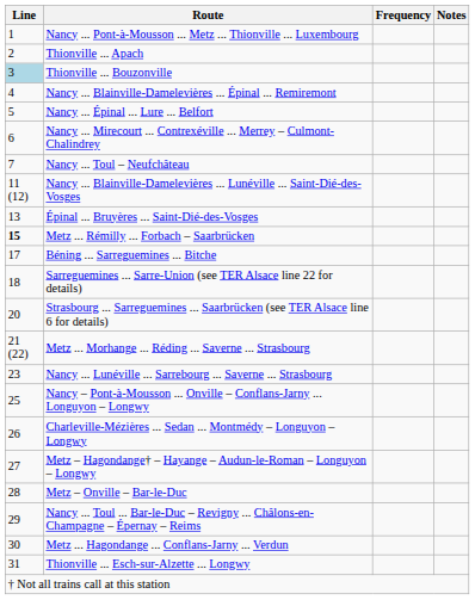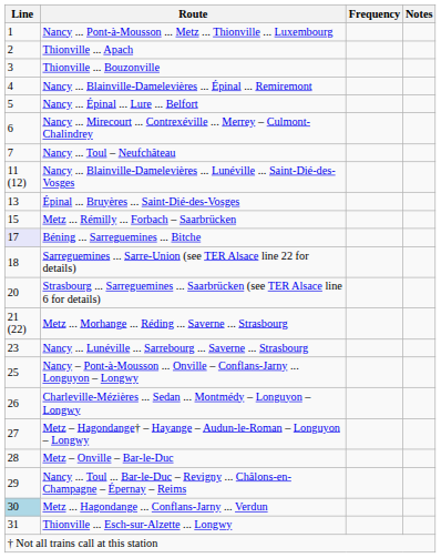 <table class="wikitable vatop">
 <tr>
 <th>Line</th>
 <th>Route</th>
 <th>Frequency</th>
 <th>Notes</th>
 </tr>
 <tr>
 <td>1</td>
 <td><a href='#'>Nancy</a> ... <a href='#'>Pont-à-Mousson</a> ... <a href='#'>Metz</a> ... <a href='#'>Thionville</a> ... <a href='#'>Luxembourg</a></td>
 <td></td>
 <td></td>
 </tr>
 <tr>
 <td>2</td>
 <td><a href='#'>Thionville</a> ... <a href='#'>Apach</a></td>
 <td></td>
 <td></td>
 </tr>
 <tr>
-<td style="background: lightblue;">3</td>
+<td>3</td>
 <td><a href='#'>Thionville</a> ... <a href='#'>Bouzonville</a></td>
 <td></td>
 <td></td>
 </tr>
 <tr>
 <td>4</td>
 <td><a href='#'>Nancy</a> ... <a href='#'>Blainville-Damelevières</a> ... <a href='#'>Épinal</a> ... <a href='#'>Remiremont</a></td>
 <td></td>
 <td></td>
 </tr>
 <tr>
 <td>5</td>
 <td><a href='#'>Nancy</a> ... <a href='#'>Épinal</a> ... <a href='#'>Lure</a> ... <a href='#'>Belfort</a></td>
 <td></td>
 <td></td>
 </tr>
 <tr>
 <td>6</td>
 <td><a href='#'>Nancy</a> ... <a href='#'>Mirecourt</a> ... <a href='#'>Contrexéville</a> ... <a href='#'>Merrey</a> – <a href='#'>Culmont-Chalindrey</a></td>
 <td></td>
 <td></td>
 </tr>
 <tr>
 <td>7</td>
 <td><a href='#'>Nancy</a> ... <a href='#'>Toul</a> – <a href='#'>Neufchâteau</a></td>
 <td></td>
 <td></td>
 </tr>
 <tr>
 <td>11 (12)</td>
 <td><a href='#'>Nancy</a> ... <a href='#'>Blainville-Damelevières</a> ... <a href='#'>Lunéville</a> ... <a href='#'>Saint-Dié-des-Vosges</a></td>
 <td></td>
 <td></td>
 </tr>
 <tr>
 <td>13</td>
 <td><a href='#'>Épinal</a> ... <a href='#'>Bruyères</a> ... <a href='#'>Saint-Dié-des-Vosges</a></td>
 <td></td>
 <td></td>
 </tr>
 <tr>
-<td><strong>15</strong></td>
+<td>15</td>
 <td><a href='#'>Metz</a> ... <a href='#'>Rémilly</a> ... <a href='#'>Forbach</a> – <a href='#'>Saarbrücken</a></td>
 <td></td>
 <td></td>
 </tr>
 <tr>
-<td>17</td>
+<td style="background: lavender;">17</td>
 <td><a href='#'>Béning</a> ... <a href='#'>Sarreguemines</a> ... <a href='#'>Bitche</a></td>
 <td></td>
 <td></td>
 </tr>
 <tr>
 <td>18</td>
 <td><a href='#'>Sarreguemines</a> ... <a href='#'>Sarre-Union</a> (see <a href='#'>TER Alsace</a> line 22 for details)</td>
 <td></td>
 <td></td>
 </tr>
 <tr>
 <td>20</td>
 <td><a href='#'>Strasbourg</a> ... <a href='#'>Sarreguemines</a> ... <a href='#'>Saarbrücken</a> (see <a href='#'>TER Alsace</a> line 6 for details)</td>
 <td></td>
 <td></td>
 </tr>
 <tr>
 <td>21 (22)</td>
 <td><a href='#'>Metz</a> ... <a href='#'>Morhange</a> ... <a href='#'>Réding</a> ... <a href='#'>Saverne</a> ... <a href='#'>Strasbourg</a></td>
 <td></td>
 <td></td>
 </tr>
 <tr>
 <td>23</td>
 <td><a href='#'>Nancy</a> ... <a href='#'>Lunéville</a> ... <a href='#'>Sarrebourg</a> ... <a href='#'>Saverne</a> ... <a href='#'>Strasbourg</a></td>
 <td></td>
 <td></td>
 </tr>
 <tr>
 <td>25</td>
 <td><a href='#'>Nancy</a> – <a href='#'>Pont-à-Mousson</a> ... <a href='#'>Onville</a> – <a href='#'>Conflans-Jarny</a> ... <a href='#'>Longuyon</a> – <a href='#'>Longwy</a></td>
 <td></td>
 <td></td>
 </tr>
 <tr>
 <td>26</td>
 <td><a href='#'>Charleville-Mézières</a> ... <a href='#'>Sedan</a> ... <a href='#'>Montmédy</a> – <a href='#'>Longuyon</a> – <a href='#'>Longwy</a></td>
 <td></td>
 <td></td>
 </tr>
 <tr>
 <td>27</td>
 <td><a href='#'>Metz</a> – <a href='#'>Hagondange</a>† – <a href='#'>Hayange</a> – <a href='#'>Audun-le-Roman</a> – <a href='#'>Longuyon</a> – <a href='#'>Longwy</a></td>
 <td></td>
 <td></td>
 </tr>
 <tr>
 <td>28</td>
 <td><a href='#'>Metz</a> – <a href='#'>Onville</a> – <a href='#'>Bar-le-Duc</a></td>
 <td></td>
 <td></td>
 </tr>
 <tr>
 <td>29</td>
 <td><a href='#'>Nancy</a> ... <a href='#'>Toul</a> ... <a href='#'>Bar-le-Duc</a> – <a href='#'>Revigny</a> ... <a href='#'>Châlons-en-Champagne</a> – <a href='#'>Épernay</a> – <a href='#'>Reims</a></td>
 <td></td>
 <td></td>
 </tr>
 <tr>
-<td>30</td>
+<td style="background: lightblue;">30</td>
 <td><a href='#'>Metz</a> ... <a href='#'>Hagondange</a> ... <a href='#'>Conflans-Jarny</a> ... <a href='#'>Verdun</a></td>
 <td></td>
 <td></td>
 </tr>
 <tr>
 <td>31</td>
 <td><a href='#'>Thionville</a> ... <a href='#'>Esch-sur-Alzette</a> ... <a href='#'>Longwy</a></td>
 <td></td>
 <td></td>
 </tr>
 <tr>
 <td colspan=4>† Not all trains call at this station</td>
 </tr>
 </table>
